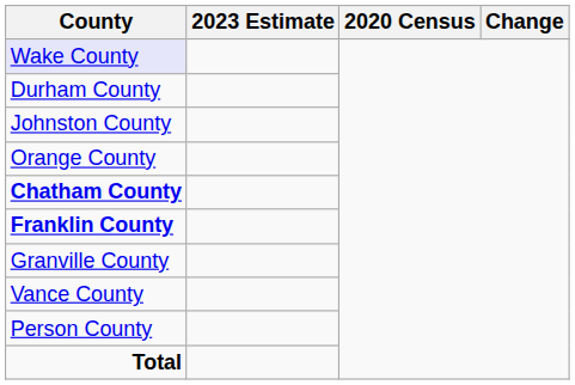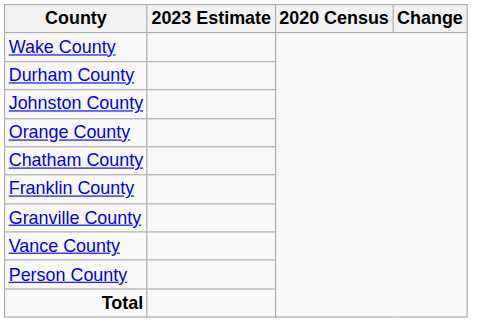 <table class="wikitable sortable">
 <tr>
 <th>County</th>
 <th>2023 Estimate</th>
 <th>2020 Census</th>
 <th>Change</th>
 </tr>
 <tr>
-<td style="background: lavender;"><a href='#'>Wake County</a></td>
+<td><a href='#'>Wake County</a></td>
 <td></td>
 </tr>
 <tr>
 <td><a href='#'>Durham County</a></td>
 <td></td>
 </tr>
 <tr>
 <td><a href='#'>Johnston County</a></td>
 <td></td>
 </tr>
 <tr>
 <td><a href='#'>Orange County</a></td>
 <td></td>
 </tr>
 <tr>
-<td><strong><a href='#'>Chatham County</a></strong></td>
+<td><a href='#'>Chatham County</a></td>
 <td></td>
 </tr>
 <tr>
-<td><strong><a href='#'>Franklin County</a></strong></td>
+<td><a href='#'>Franklin County</a></td>
 <td></td>
 </tr>
 <tr>
 <td><a href='#'>Granville County</a></td>
 <td></td>
 </tr>
 <tr>
 <td><a href='#'>Vance County</a></td>
 <td></td>
 </tr>
 <tr>
 <td><a href='#'>Person County</a></td>
 <td></td>
 </tr>
 <tr class="sortbottom">
 <td align="right"><strong>Total</strong></td>
 <td></td>
 </tr>
 </table>
